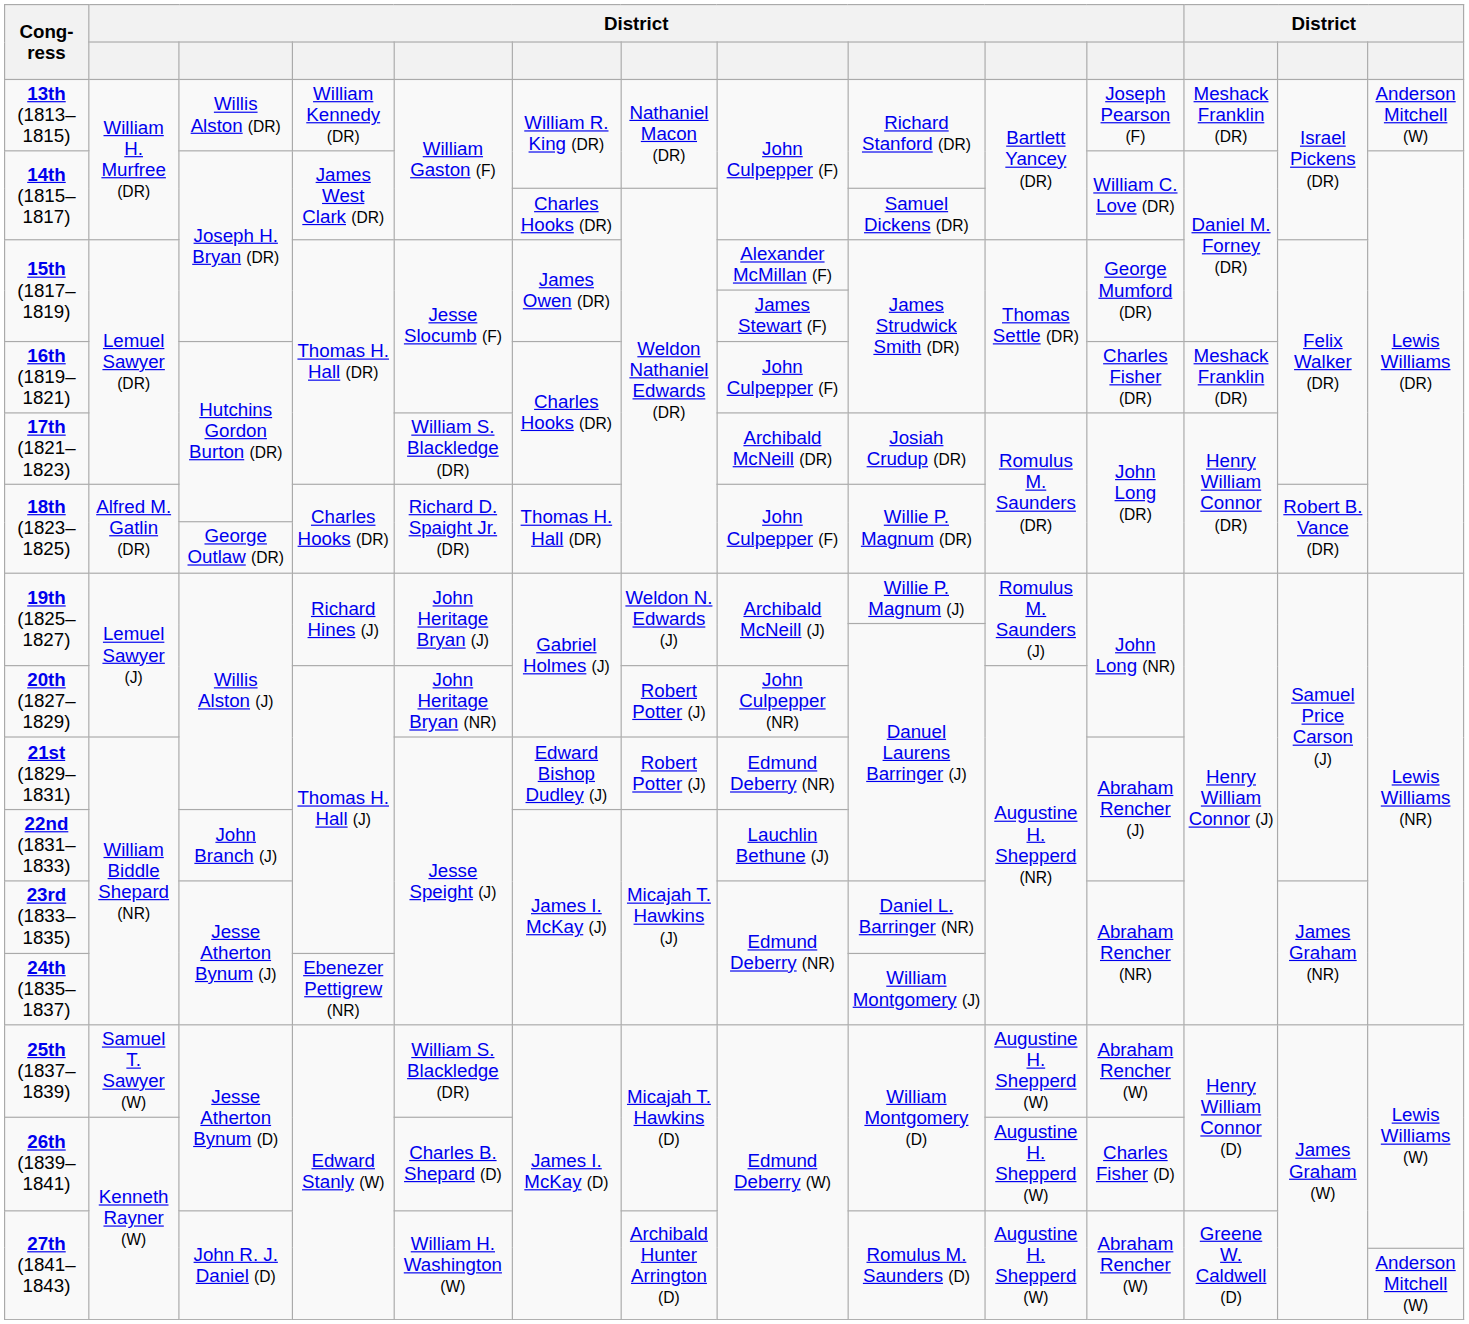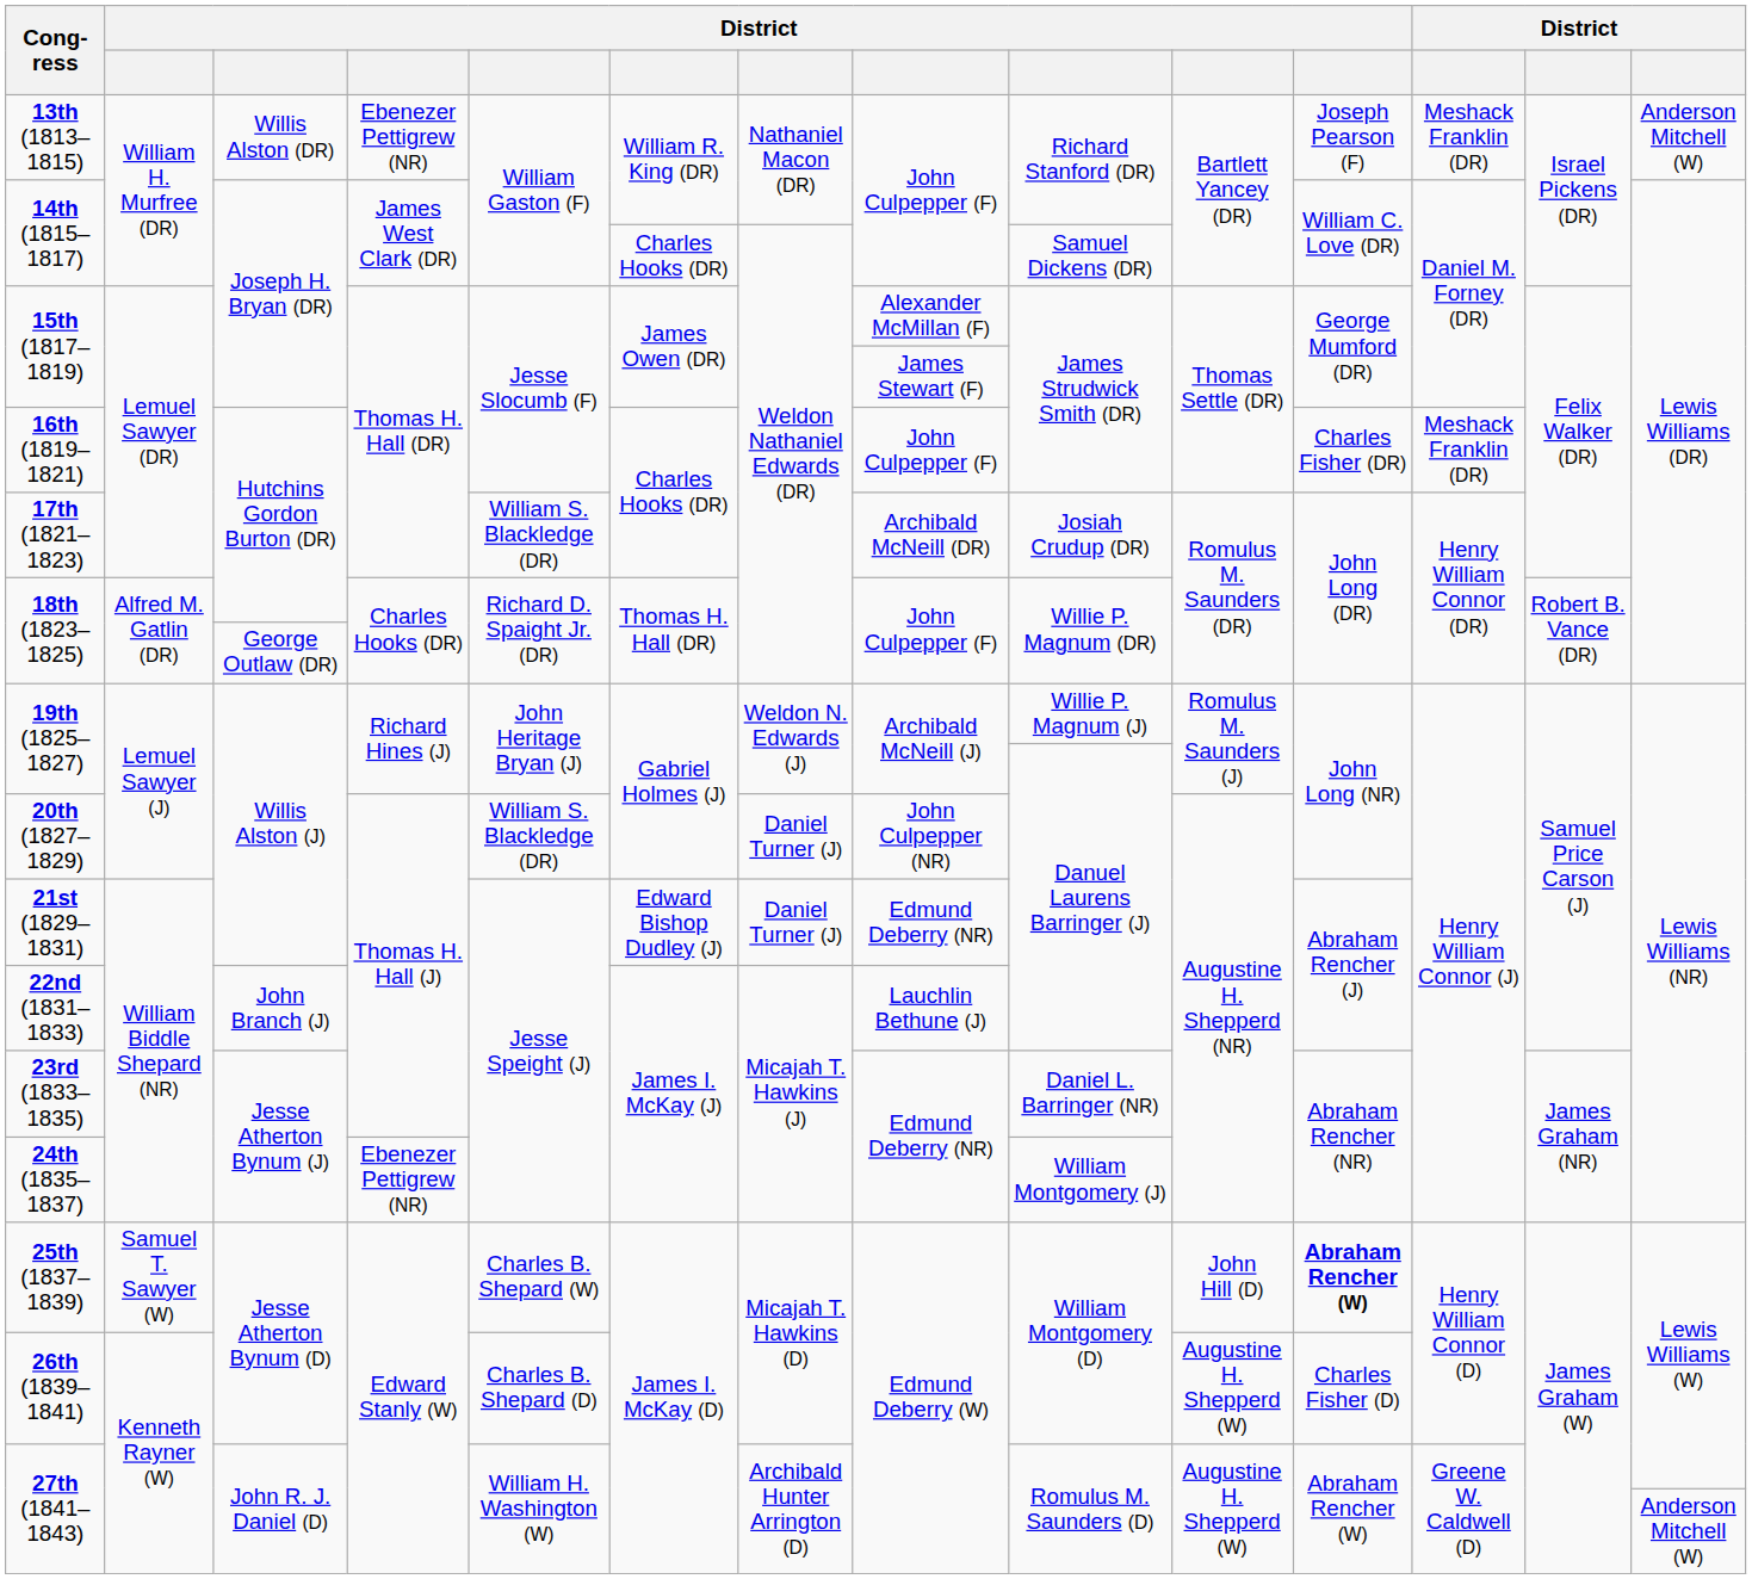 <table class=wikitable style="text-align:center">
 <tr style="height:2em">
 <th rowspan=2>Cong­ress</th>
 <th colspan=10>District</th>
 <th colspan=3>District</th>
 </tr>
 <tr style="height:2em">
 <th></th>
 <th></th>
 <th></th>
 <th></th>
 <th></th>
 <th></th>
 <th></th>
 <th></th>
 <th></th>
 <th></th>
 <th></th>
 <th></th>
 <th></th>
 </tr>
 <tr style="height:2em">
 <td><strong><a href='#'>13th</a></strong><br>(1813–1815)</td>
 <td rowspan=3 ><a href='#'>William H.<br>Murfree</a> <small>(DR)</small></td>
 <td><a href='#'>Willis<br>Alston</a> <small>(DR)</small></td>
-<td><a href='#'>William<br>Kennedy</a> <small>(DR)</small></td>
+<td><a href='#'>Ebenezer<br>Pettigrew</a> <small>(NR)</small></td>
 <td rowspan=3 ><a href='#'>William<br>Gaston</a> <small>(F)</small></td>
 <td rowspan=2 ><a href='#'>William R.<br>King</a> <small>(DR)</small></td>
 <td rowspan=2 ><a href='#'>Nathaniel<br>Macon</a> <small>(DR)</small></td>
 <td rowspan=3 ><a href='#'>John<br>Culpepper</a> <small>(F)</small></td>
 <td rowspan=2 ><a href='#'>Richard<br>Stanford</a> <small>(DR)</small></td>
 <td rowspan=3 ><a href='#'>Bartlett<br>Yancey</a> <small>(DR)</small></td>
 <td><a href='#'>Joseph<br>Pearson</a> <small>(F)</small></td>
 <td><a href='#'>Meshack<br>Franklin</a> <small>(DR)</small></td>
 <td rowspan=3 ><a href='#'>Israel<br>Pickens</a> <small>(DR)</small></td>
 <td><a href='#'>Anderson<br>Mitchell</a> <small>(W)</small></td>
 </tr>
 <tr style="height:2em">
 <td rowspan=2><strong><a href='#'>14th</a></strong><br>(1815–1817)</td>
 <td rowspan=4 ><a href='#'>Joseph H.<br>Bryan</a> <small>(DR)</small></td>
 <td rowspan=2 ><a href='#'>James West<br>Clark</a> <small>(DR)</small></td>
 <td rowspan=2 ><a href='#'>William C.<br>Love</a> <small>(DR)</small></td>
 <td rowspan=4 ><a href='#'>Daniel M.<br>Forney</a> <small>(DR)</small></td>
 <td rowspan=8 ><a href='#'>Lewis<br>Williams</a><br><small>(DR)</small></td>
 </tr>
 <tr style="height:2em">
 <td><a href='#'>Charles Hooks</a> <small>(DR)</small></td>
 <td rowspan=7 ><a href='#'>Weldon<br>Nathaniel<br>Edwards</a><br><small>(DR)</small></td>
 <td><a href='#'>Samuel Dickens</a> <small>(DR)</small></td>
 </tr>
 <tr style="height:2em">
 <td rowspan=2><strong><a href='#'>15th</a></strong><br>(1817–1819)</td>
 <td rowspan=4 ><a href='#'>Lemuel<br>Sawyer</a> <small>(DR)</small></td>
 <td rowspan=4 ><a href='#'>Thomas H.<br>Hall</a> <small>(DR)</small></td>
 <td rowspan=3 ><a href='#'>Jesse<br>Slocumb</a> <small>(F)</small></td>
 <td rowspan=2 ><a href='#'>James<br>Owen</a> <small>(DR)</small></td>
 <td><a href='#'>Alexander McMillan</a> <small>(F)</small></td>
 <td rowspan=3 ><a href='#'>James<br>Strudwick<br>Smith</a> <small>(DR)</small></td>
 <td rowspan=3 ><a href='#'>Thomas<br>Settle</a> <small>(DR)</small></td>
 <td rowspan=2 ><a href='#'>George<br>Mumford</a> <small>(DR)</small></td>
 <td rowspan=4 ><a href='#'>Felix<br>Walker</a> <small>(DR)</small></td>
 </tr>
 <tr style="height:2em">
 <td><a href='#'>James Stewart</a> <small>(F)</small></td>
 </tr>
 <tr style="height:2em">
 <td><strong><a href='#'>16th</a></strong><br>(1819–1821)</td>
 <td rowspan=3 ><a href='#'>Hutchins<br>Gordon<br>Burton</a> <small>(DR)</small></td>
 <td rowspan=2 ><a href='#'>Charles<br>Hooks</a> <small>(DR)</small></td>
 <td><a href='#'>John<br>Culpepper</a> <small>(F)</small></td>
 <td><a href='#'>Charles<br>Fisher</a> <small>(DR)</small></td>
 <td><a href='#'>Meshack<br>Franklin</a> <small>(DR)</small></td>
 </tr>
 <tr style="height:2em">
 <td><strong><a href='#'>17th</a></strong><br>(1821–1823)</td>
 <td><a href='#'>William S.<br>Blackledge</a> <small>(DR)</small></td>
 <td><a href='#'>Archibald<br>McNeill</a> <small>(DR)</small></td>
 <td><a href='#'>Josiah<br>Crudup</a> <small>(DR)</small></td>
 <td rowspan=3 ><a href='#'>Romulus M.<br>Saunders</a><br><small>(DR)</small></td>
 <td rowspan=3 ><a href='#'>John<br>Long</a><br><small>(DR)</small></td>
 <td rowspan=3 ><a href='#'>Henry<br>William<br>Connor</a><br><small>(DR)</small></td>
 </tr>
 <tr style="height:2em">
 <td rowspan=2><strong><a href='#'>18th</a></strong><br>(1823–1825)</td>
 <td rowspan=2 ><a href='#'>Alfred M.<br>Gatlin</a> <small>(DR)</small></td>
 <td rowspan=2 ><a href='#'>Charles<br>Hooks</a> <small>(DR)</small></td>
 <td rowspan=2 ><a href='#'>Richard D.<br>Spaight Jr.</a> <small>(DR)</small></td>
 <td rowspan=2 ><a href='#'>Thomas H.<br>Hall</a> <small>(DR)</small></td>
 <td rowspan=2 ><a href='#'>John<br>Culpepper</a> <small>(F)</small></td>
 <td rowspan=2 ><a href='#'>Willie P.<br>Magnum</a> <small>(DR)</small></td>
 <td rowspan=2 ><a href='#'>Robert B.<br>Vance</a> <small>(DR)</small></td>
 </tr>
 <tr style="height:2em">
 <td><a href='#'>George Outlaw</a> <small>(DR)</small></td>
 </tr>
 <tr style="height:2em">
 <td rowspan=2><strong><a href='#'>19th</a></strong><br>(1825–1827)</td>
 <td rowspan=3 ><a href='#'>Lemuel<br>Sawyer</a> <small>(J)</small></td>
 <td rowspan=4 ><a href='#'>Willis<br>Alston</a> <small>(J)</small></td>
 <td rowspan=2 ><a href='#'>Richard<br>Hines</a> <small>(J)</small></td>
 <td rowspan=2 ><a href='#'>John Heritage<br>Bryan</a> <small>(J)</small></td>
 <td rowspan=3 ><a href='#'>Gabriel<br>Holmes</a> <small>(J)</small></td>
 <td rowspan=2 ><a href='#'>Weldon N.<br>Edwards</a> <small>(J)</small></td>
 <td rowspan=2 ><a href='#'>Archibald<br>McNeill</a> <small>(J)</small></td>
 <td><a href='#'>Willie P. Magnum</a> <small>(J)</small></td>
 <td rowspan=2 ><a href='#'>Romulus M.<br>Saunders</a> <small>(J)</small></td>
 <td rowspan=3 ><a href='#'>John<br>Long</a> <small>(NR)</small></td>
 <td rowspan=7 ><a href='#'>Henry<br>William<br>Connor</a> <small>(J)</small></td>
 <td rowspan=5 ><a href='#'>Samuel<br>Price<br>Carson</a> <small>(J)</small></td>
 <td rowspan=7 ><a href='#'>Lewis<br>Williams</a><br><small>(NR)</small></td>
 </tr>
 <tr style="height:2em">
 <td rowspan=4 ><a href='#'>Danuel<br>Laurens<br>Barringer</a> <small>(J)</small></td>
 </tr>
 <tr style="height:2em">
 <td><strong><a href='#'>20th</a></strong><br>(1827–1829)</td>
 <td rowspan=4 ><a href='#'>Thomas H.<br>Hall</a> <small>(J)</small></td>
-<td><a href='#'>John Heritage<br>Bryan</a> <small>(NR)</small></td>
-<td><a href='#'>Robert<br>Potter</a> <small>(J)</small></td>
+<td><a href='#'>William S.<br>Blackledge</a> <small>(DR)</small></td>
+<td><a href='#'>Daniel<br>Turner</a> <small>(J)</small></td>
 <td><a href='#'>John<br>Culpepper</a> <small>(NR)</small></td>
 <td rowspan=5 ><a href='#'>Augustine H.<br>Shepperd</a><br><small>(NR)</small></td>
 </tr>
 <tr style="height:2em">
 <td><strong><a href='#'>21st</a></strong><br>(1829–1831)</td>
 <td rowspan=4 ><a href='#'>William<br>Biddle<br>Shepard</a><br><small>(NR)</small></td>
 <td rowspan=4 ><a href='#'>Jesse<br>Speight</a> <small>(J)</small></td>
 <td><a href='#'>Edward Bishop<br>Dudley</a> <small>(J)</small></td>
-<td><a href='#'>Robert<br>Potter</a> <small>(J)</small></td>
+<td><a href='#'>Daniel<br>Turner</a> <small>(J)</small></td>
 <td><a href='#'>Edmund<br>Deberry</a> <small>(NR)</small></td>
 <td rowspan=2 ><a href='#'>Abraham<br>Rencher</a> <small>(J)</small></td>
 </tr>
 <tr style="height:2em">
 <td><strong><a href='#'>22nd</a></strong><br>(1831–1833)</td>
 <td><a href='#'>John<br>Branch</a> <small>(J)</small></td>
 <td rowspan=3 ><a href='#'>James I.<br>McKay</a> <small>(J)</small></td>
 <td rowspan=3 ><a href='#'>Micajah T.<br>Hawkins</a> <small>(J)</small></td>
 <td><a href='#'>Lauchlin<br>Bethune</a> <small>(J)</small></td>
 </tr>
 <tr style="height:2em">
 <td><strong><a href='#'>23rd</a></strong><br>(1833–1835)</td>
 <td rowspan=2 ><a href='#'>Jesse<br>Atherton<br>Bynum</a> <small>(J)</small></td>
 <td rowspan=2 ><a href='#'>Edmund<br>Deberry</a> <small>(NR)</small></td>
 <td><a href='#'>Daniel L.<br>Barringer</a> <small>(NR)</small></td>
 <td rowspan=2 ><a href='#'>Abraham<br>Rencher</a> <small>(NR)</small></td>
 <td rowspan=2 ><a href='#'>James<br>Graham</a> <small>(NR)</small></td>
 </tr>
 <tr style="height:2em">
 <td><strong><a href='#'>24th</a></strong><br>(1835–1837)</td>
 <td><a href='#'>Ebenezer<br>Pettigrew</a> <small>(NR)</small></td>
 <td><a href='#'>William<br>Montgomery</a> <small>(J)</small></td>
 </tr>
 <tr style="height:2em">
 <td><strong><a href='#'>25th</a></strong><br>(1837–1839)</td>
 <td><a href='#'>Samuel T.<br>Sawyer</a> <small>(W)</small></td>
 <td rowspan=2 ><a href='#'>Jesse<br>Atherton<br>Bynum</a> <small>(D)</small></td>
 <td rowspan=4 ><a href='#'>Edward<br>Stanly</a>  <small>(W)</small></td>
-<td><a href='#'>William S.<br>Blackledge</a> <small>(DR)</small></td>
+<td><a href='#'>Charles B.<br>Shepard</a>  <small>(W)</small></td>
 <td rowspan=4 ><a href='#'>James I.<br>McKay</a> <small>(D)</small></td>
 <td rowspan=2 ><a href='#'>Micajah T.<br>Hawkins</a> <small>(D)</small></td>
 <td rowspan=4 ><a href='#'>Edmund<br>Deberry</a>  <small>(W)</small></td>
 <td rowspan=2 ><a href='#'>William<br>Montgomery</a> <small>(D)</small></td>
-<td><a href='#'>Augustine H.<br>Shepperd</a> <small>(W)</small></td>
-<td><a href='#'>Abraham<br>Rencher</a>  <small>(W)</small></td>
+<td><a href='#'>John<br>Hill</a> <small>(D)</small></td>
+<td><strong><a href='#'>Abraham<br>Rencher</a>  <small>(W)</small></strong></td>
 <td rowspan=2 ><a href='#'>Henry<br>William<br>Connor</a> <small>(D)</small></td>
 <td rowspan=4 ><a href='#'>James<br>Graham</a>  <small>(W)</small></td>
 <td rowspan=3 ><a href='#'>Lewis<br>Williams</a>  <small>(W)</small></td>
 </tr>
 <tr style="height:2em">
 <td><strong><a href='#'>26th</a></strong><br>(1839–1841)</td>
 <td rowspan=3 ><a href='#'>Kenneth<br>Rayner</a> <small>(W)</small></td>
 <td><a href='#'>Charles B.<br>Shepard</a> <small>(D)</small></td>
 <td><a href='#'>Augustine H.<br>Shepperd</a> <small>(W)</small></td>
 <td><a href='#'>Charles<br>Fisher</a> <small>(D)</small></td>
 </tr>
 <tr style="height:2em">
 <td rowspan=2><strong><a href='#'>27th</a></strong><br>(1841–1843)</td>
 <td rowspan=2 ><a href='#'>John R. J.<br>Daniel</a> <small>(D)</small></td>
 <td rowspan=2 ><a href='#'>William H.<br>Washington</a> <small>(W)</small></td>
 <td rowspan=2 ><a href='#'>Archibald<br>Hunter<br>Arrington</a> <small>(D)</small></td>
 <td rowspan=2 ><a href='#'>Romulus M.<br>Saunders</a> <small>(D)</small></td>
 <td rowspan=2 ><a href='#'>Augustine H.<br>Shepperd</a> <small>(W)</small></td>
 <td rowspan=2 ><a href='#'>Abraham<br>Rencher</a> <small>(W)</small></td>
 <td rowspan=2 ><a href='#'>Greene W.<br>Caldwell</a> <small>(D)</small></td>
 </tr>
 <tr style="height:2em">
 <td><a href='#'>Anderson<br>Mitchell</a> <small>(W)</small></td>
 </tr>
 </table>
